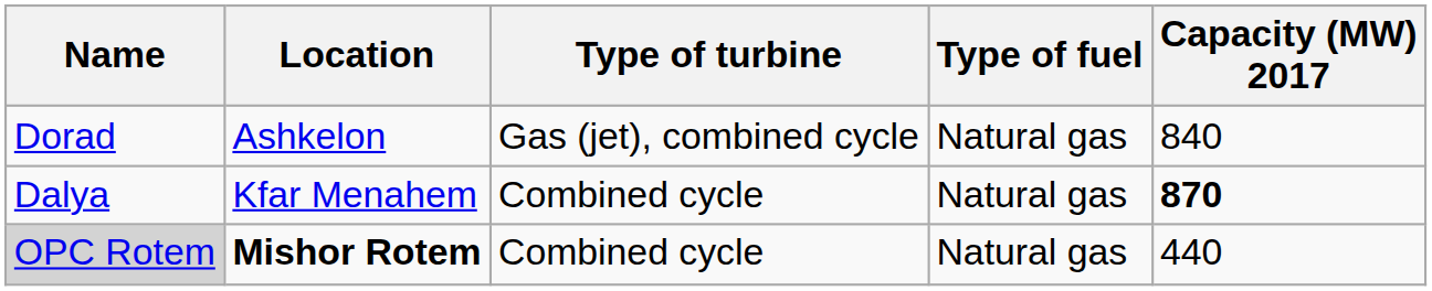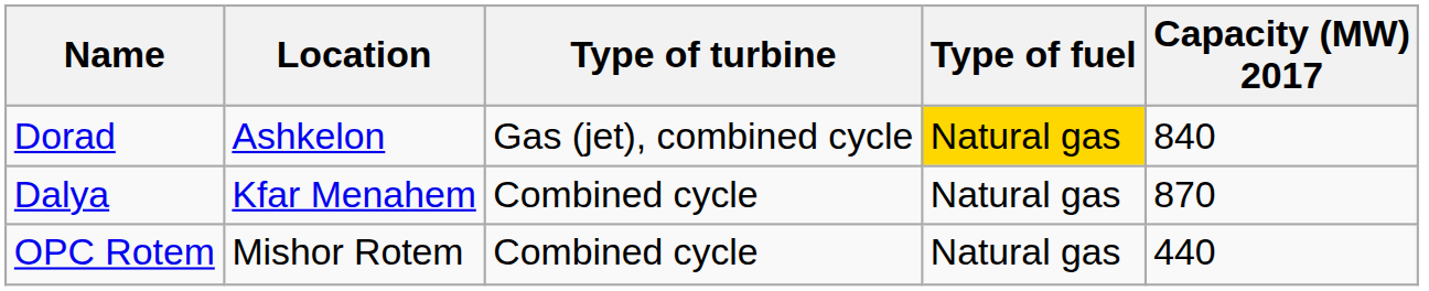 <table class="wikitable sortable">
 <tr>
 <th>Name</th>
 <th>Location</th>
 <th>Type of turbine</th>
 <th>Type of fuel</th>
 <th>Capacity (MW)<br>2017</th>
 </tr>
 <tr>
 <td><a href='#'>Dorad</a></td>
 <td><a href='#'>Ashkelon</a></td>
 <td>Gas (jet), combined cycle</td>
-<td>Natural gas</td>
+<td style="background: gold;">Natural gas</td>
 <td>840</td>
 </tr>
 <tr>
 <td><a href='#'>Dalya</a></td>
 <td><a href='#'>Kfar Menahem</a></td>
 <td>Combined cycle</td>
 <td>Natural gas</td>
-<td><strong>870</strong></td>
+<td>870</td>
 </tr>
 <tr>
-<td style="background: lightgrey;"><a href='#'>OPC Rotem</a></td>
-<td><strong>Mishor Rotem</strong></td>
+<td><a href='#'>OPC Rotem</a></td>
+<td>Mishor Rotem</td>
 <td>Combined cycle</td>
 <td>Natural gas</td>
 <td>440</td>
 </tr>
 </table>
